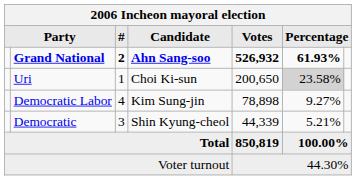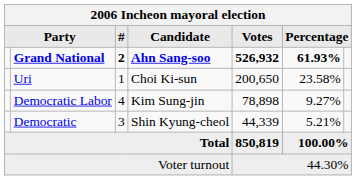 <table class="wikitable">
 <tr>
 <th colspan="7">2006 Incheon mayoral election</th>
 </tr>
 <tr>
 <th style="background-color:#E9E9E9" colspan=2>Party</th>
 <th style="background-color:#E9E9E9">#</th>
 <th style="background-color:#E9E9E9">Candidate</th>
 <th style="background-color:#E9E9E9">Votes</th>
 <th style="background-color:#E9E9E9" colspan=2>Percentage</th>
 </tr>
 <tr style="font-weight:bold">
 <td></td>
 <td align=left><a href='#'>Grand National</a></td>
 <td align=center>2</td>
 <td align=left><a href='#'>Ahn Sang-soo</a></td>
 <td align=right>526,932</td>
 <td align=right>61.93%</td>
 <td align=right></td>
 </tr>
 <tr>
 <td></td>
 <td align=left><a href='#'>Uri</a></td>
 <td align=center>1</td>
 <td align=left>Choi Ki-sun</td>
 <td align=right>200,650</td>
-<td align=right style="background: lightgrey;">23.58%</td>
+<td align=right>23.58%</td>
 <td align=right></td>
 </tr>
 <tr>
 <td></td>
 <td align=left><a href='#'>Democratic Labor</a></td>
 <td align=center>4</td>
 <td align=left>Kim Sung-jin</td>
 <td align=right>78,898</td>
 <td align=right>9.27%</td>
 <td align=right></td>
 </tr>
 <tr>
 <td></td>
 <td align=left><a href='#'>Democratic</a></td>
 <td align=center>3</td>
 <td align=left>Shin Kyung-cheol</td>
 <td align=right>44,339</td>
 <td align=right>5.21%</td>
 <td align=right></td>
 </tr>
 <tr bgcolor="#EEEEEE" style="font-weight:bold">
 <td colspan="4" align=right>Total</td>
 <td align=right>850,819</td>
 <td align=right colspan=2>100.00%</td>
 </tr>
 <tr bgcolor="#EEEEEE">
 <td colspan="4" align="right">Voter turnout</td>
 <td colspan="3" align="right">44.30%</td>
 </tr>
 </table>
